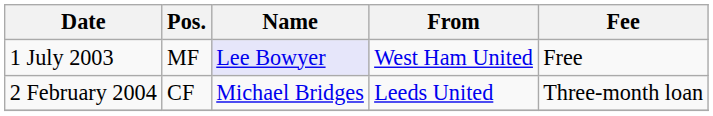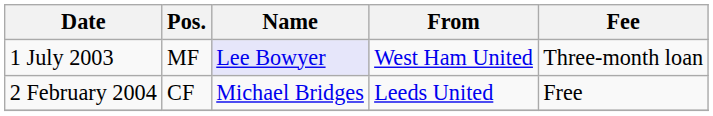 <table class="wikitable">
 <tr>
 <th>Date</th>
 <th>Pos.</th>
 <th>Name</th>
 <th>From</th>
 <th>Fee</th>
 </tr>
 <tr>
 <td>1 July 2003</td>
 <td>MF</td>
 <td style="background: lavender;"> <a href='#'>Lee Bowyer</a></td>
 <td> <a href='#'>West Ham United</a></td>
-<td>Free</td>
+<td>Three-month loan</td>
 </tr>
 <tr>
 <td>2 February 2004</td>
 <td>CF</td>
 <td> <a href='#'>Michael Bridges</a></td>
 <td> <a href='#'>Leeds United</a></td>
-<td>Three-month loan</td>
+<td>Free</td>
 </tr>
 <tr>
 </tr>
 </table>
